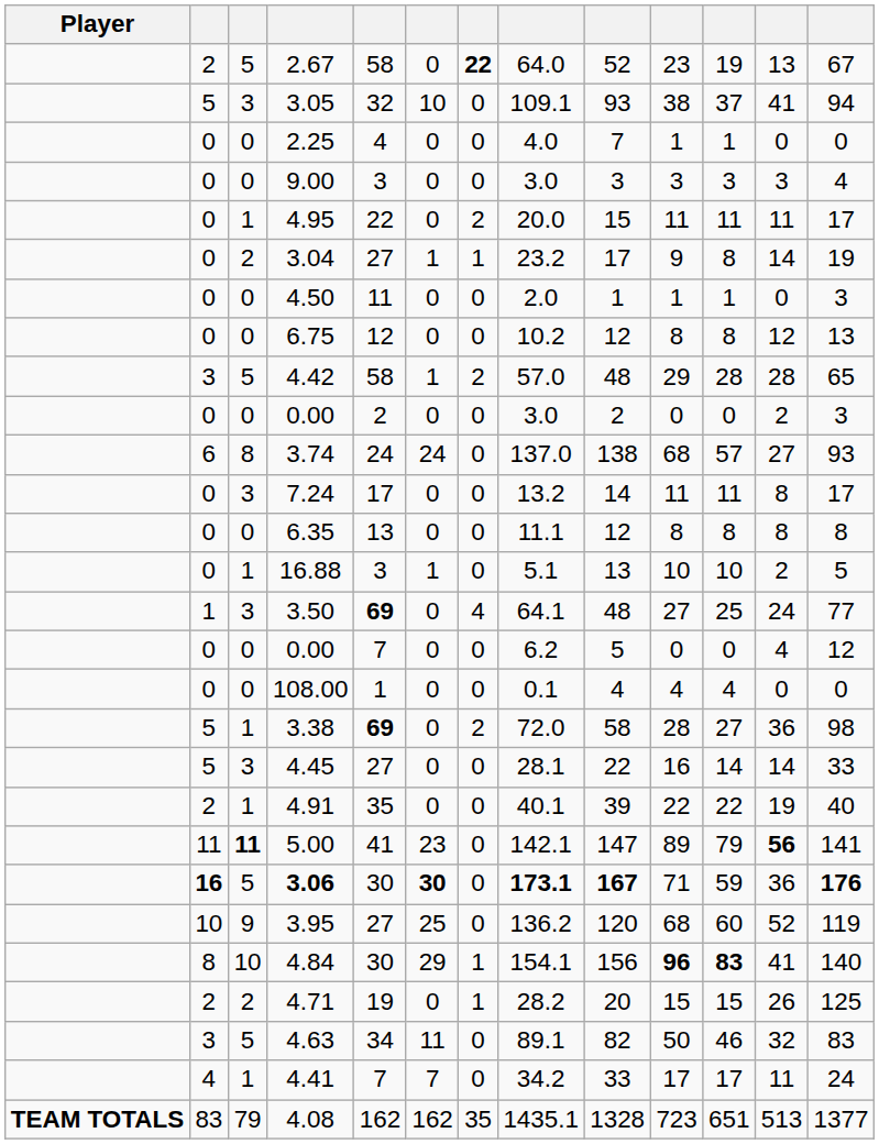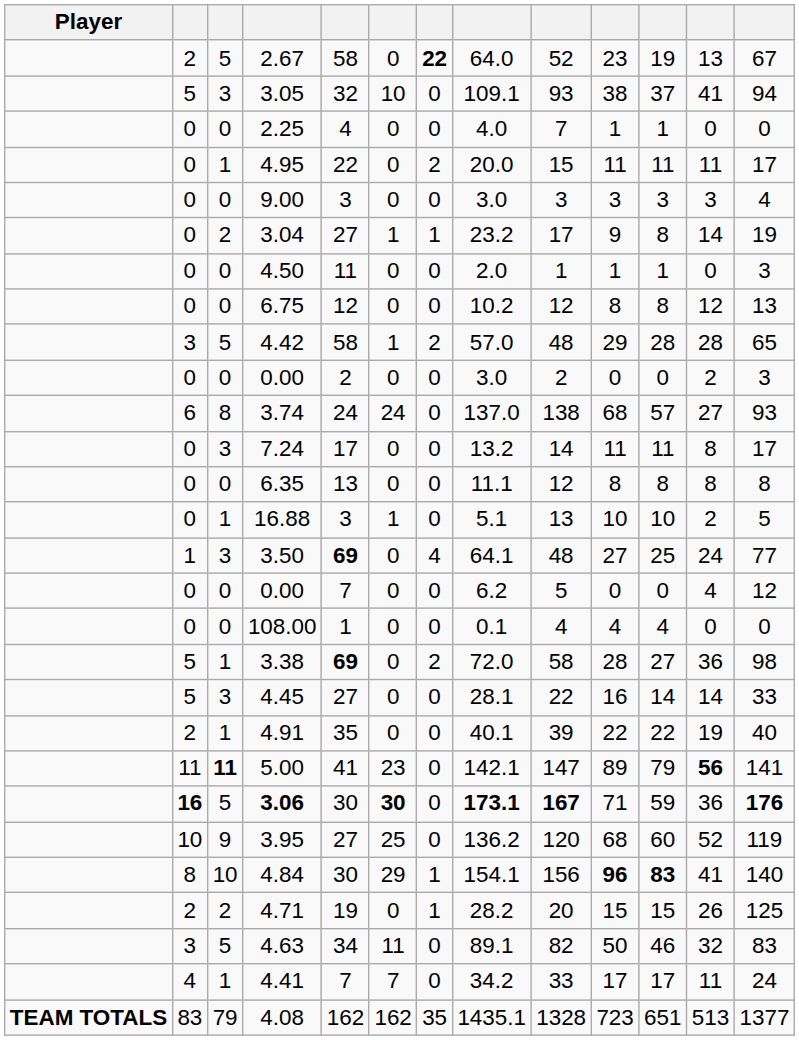 <table class="wikitable sortable" style="text-align:center;">
 <tr>
 <th>Player</th>
 <th></th>
 <th></th>
 <th></th>
 <th></th>
 <th></th>
 <th></th>
 <th></th>
 <th></th>
 <th></th>
 <th></th>
 <th></th>
 <th></th>
 </tr>
 <tr>
 <td align=left></td>
 <td>2</td>
 <td>5</td>
 <td>2.67</td>
 <td>58</td>
 <td>0</td>
 <td><strong>22</strong></td>
 <td>64.0</td>
 <td>52</td>
 <td>23</td>
 <td>19</td>
 <td>13</td>
 <td>67</td>
 </tr>
 <tr>
 <td align=left></td>
 <td>5</td>
 <td>3</td>
 <td>3.05</td>
 <td>32</td>
 <td>10</td>
 <td>0</td>
 <td>109.1</td>
 <td>93</td>
 <td>38</td>
 <td>37</td>
 <td>41</td>
 <td>94</td>
 </tr>
 <tr>
 <td align=left></td>
 <td>0</td>
 <td>0</td>
 <td>2.25</td>
 <td>4</td>
 <td>0</td>
 <td>0</td>
 <td>4.0</td>
 <td>7</td>
 <td>1</td>
 <td>1</td>
 <td>0</td>
 <td>0</td>
 </tr>
 <tr>
 <td align=left></td>
 <td>0</td>
+<td>1</td>
+<td>4.95</td>
+<td>22</td>
+<td>0</td>
+<td>2</td>
+<td>20.0</td>
+<td>15</td>
+<td>11</td>
+<td>11</td>
+<td>11</td>
+<td>17</td>
+</tr>
+<tr>
+<td align=left></td>
+<td>0</td>
 <td>0</td>
 <td>9.00</td>
 <td>3</td>
 <td>0</td>
 <td>0</td>
 <td>3.0</td>
 <td>3</td>
 <td>3</td>
 <td>3</td>
 <td>3</td>
 <td>4</td>
-</tr>
-<tr>
-<td align=left></td>
-<td>0</td>
-<td>1</td>
-<td>4.95</td>
-<td>22</td>
-<td>0</td>
-<td>2</td>
-<td>20.0</td>
-<td>15</td>
-<td>11</td>
-<td>11</td>
-<td>11</td>
-<td>17</td>
 </tr>
 <tr>
 <td align=left></td>
 <td>0</td>
 <td>2</td>
 <td>3.04</td>
 <td>27</td>
 <td>1</td>
 <td>1</td>
 <td>23.2</td>
 <td>17</td>
 <td>9</td>
 <td>8</td>
 <td>14</td>
 <td>19</td>
 </tr>
 <tr>
 <td align=left></td>
 <td>0</td>
 <td>0</td>
 <td>4.50</td>
 <td>11</td>
 <td>0</td>
 <td>0</td>
 <td>2.0</td>
 <td>1</td>
 <td>1</td>
 <td>1</td>
 <td>0</td>
 <td>3</td>
 </tr>
 <tr>
 <td align=left></td>
 <td>0</td>
 <td>0</td>
 <td>6.75</td>
 <td>12</td>
 <td>0</td>
 <td>0</td>
 <td>10.2</td>
 <td>12</td>
 <td>8</td>
 <td>8</td>
 <td>12</td>
 <td>13</td>
 </tr>
 <tr>
 <td align=left></td>
 <td>3</td>
 <td>5</td>
 <td>4.42</td>
 <td>58</td>
 <td>1</td>
 <td>2</td>
 <td>57.0</td>
 <td>48</td>
 <td>29</td>
 <td>28</td>
 <td>28</td>
 <td>65</td>
 </tr>
 <tr>
 <td align=left></td>
 <td>0</td>
 <td>0</td>
 <td>0.00</td>
 <td>2</td>
 <td>0</td>
 <td>0</td>
 <td>3.0</td>
 <td>2</td>
 <td>0</td>
 <td>0</td>
 <td>2</td>
 <td>3</td>
 </tr>
 <tr>
 <td align=left></td>
 <td>6</td>
 <td>8</td>
 <td>3.74</td>
 <td>24</td>
 <td>24</td>
 <td>0</td>
 <td>137.0</td>
 <td>138</td>
 <td>68</td>
 <td>57</td>
 <td>27</td>
 <td>93</td>
 </tr>
 <tr>
 <td align=left></td>
 <td>0</td>
 <td>3</td>
 <td>7.24</td>
 <td>17</td>
 <td>0</td>
 <td>0</td>
 <td>13.2</td>
 <td>14</td>
 <td>11</td>
 <td>11</td>
 <td>8</td>
 <td>17</td>
 </tr>
 <tr>
 <td align=left></td>
 <td>0</td>
 <td>0</td>
 <td>6.35</td>
 <td>13</td>
 <td>0</td>
 <td>0</td>
 <td>11.1</td>
 <td>12</td>
 <td>8</td>
 <td>8</td>
 <td>8</td>
 <td>8</td>
 </tr>
 <tr>
 <td align=left></td>
 <td>0</td>
 <td>1</td>
 <td>16.88</td>
 <td>3</td>
 <td>1</td>
 <td>0</td>
 <td>5.1</td>
 <td>13</td>
 <td>10</td>
 <td>10</td>
 <td>2</td>
 <td>5</td>
 </tr>
 <tr>
 <td align=left></td>
 <td>1</td>
 <td>3</td>
 <td>3.50</td>
 <td><strong>69</strong></td>
 <td>0</td>
 <td>4</td>
 <td>64.1</td>
 <td>48</td>
 <td>27</td>
 <td>25</td>
 <td>24</td>
 <td>77</td>
 </tr>
 <tr>
 <td align=left></td>
 <td>0</td>
 <td>0</td>
 <td>0.00</td>
 <td>7</td>
 <td>0</td>
 <td>0</td>
 <td>6.2</td>
 <td>5</td>
 <td>0</td>
 <td>0</td>
 <td>4</td>
 <td>12</td>
 </tr>
 <tr>
 <td align=left></td>
 <td>0</td>
 <td>0</td>
 <td>108.00</td>
 <td>1</td>
 <td>0</td>
 <td>0</td>
 <td>0.1</td>
 <td>4</td>
 <td>4</td>
 <td>4</td>
 <td>0</td>
 <td>0</td>
 </tr>
 <tr>
 <td align=left></td>
 <td>5</td>
 <td>1</td>
 <td>3.38</td>
 <td><strong>69</strong></td>
 <td>0</td>
 <td>2</td>
 <td>72.0</td>
 <td>58</td>
 <td>28</td>
 <td>27</td>
 <td>36</td>
 <td>98</td>
 </tr>
 <tr>
 <td align=left></td>
 <td>5</td>
 <td>3</td>
 <td>4.45</td>
 <td>27</td>
 <td>0</td>
 <td>0</td>
 <td>28.1</td>
 <td>22</td>
 <td>16</td>
 <td>14</td>
 <td>14</td>
 <td>33</td>
 </tr>
 <tr>
 <td align=left></td>
 <td>2</td>
 <td>1</td>
 <td>4.91</td>
 <td>35</td>
 <td>0</td>
 <td>0</td>
 <td>40.1</td>
 <td>39</td>
 <td>22</td>
 <td>22</td>
 <td>19</td>
 <td>40</td>
 </tr>
 <tr>
 <td align=left></td>
 <td>11</td>
 <td><strong>11</strong></td>
 <td>5.00</td>
 <td>41</td>
 <td>23</td>
 <td>0</td>
 <td>142.1</td>
 <td>147</td>
 <td>89</td>
 <td>79</td>
 <td><strong>56</strong></td>
 <td>141</td>
 </tr>
 <tr>
 <td align=left></td>
 <td><strong>16</strong></td>
 <td>5</td>
 <td><strong>3.06</strong></td>
 <td>30</td>
 <td><strong>30</strong></td>
 <td>0</td>
 <td><strong>173.1</strong></td>
 <td><strong>167</strong></td>
 <td>71</td>
 <td>59</td>
 <td>36</td>
 <td><strong>176</strong></td>
 </tr>
 <tr>
 <td align=left></td>
 <td>10</td>
 <td>9</td>
 <td>3.95</td>
 <td>27</td>
 <td>25</td>
 <td>0</td>
 <td>136.2</td>
 <td>120</td>
 <td>68</td>
 <td>60</td>
 <td>52</td>
 <td>119</td>
 </tr>
 <tr>
 <td align=left></td>
 <td>8</td>
 <td>10</td>
 <td>4.84</td>
 <td>30</td>
 <td>29</td>
 <td>1</td>
 <td>154.1</td>
 <td>156</td>
 <td><strong>96</strong></td>
 <td><strong>83</strong></td>
 <td>41</td>
 <td>140</td>
 </tr>
 <tr>
 <td align=left></td>
 <td>2</td>
 <td>2</td>
 <td>4.71</td>
 <td>19</td>
 <td>0</td>
 <td>1</td>
 <td>28.2</td>
 <td>20</td>
 <td>15</td>
 <td>15</td>
 <td>26</td>
 <td>125</td>
 </tr>
 <tr>
 <td align=left></td>
 <td>3</td>
 <td>5</td>
 <td>4.63</td>
 <td>34</td>
 <td>11</td>
 <td>0</td>
 <td>89.1</td>
 <td>82</td>
 <td>50</td>
 <td>46</td>
 <td>32</td>
 <td>83</td>
 </tr>
 <tr>
 <td align=left></td>
 <td>4</td>
 <td>1</td>
 <td>4.41</td>
 <td>7</td>
 <td>7</td>
 <td>0</td>
 <td>34.2</td>
 <td>33</td>
 <td>17</td>
 <td>17</td>
 <td>11</td>
 <td>24</td>
 </tr>
 <tr class="sortbottom">
 <td align="left"><strong>TEAM TOTALS</strong></td>
 <td>83</td>
 <td>79</td>
 <td>4.08</td>
 <td>162</td>
 <td>162</td>
 <td>35</td>
 <td>1435.1</td>
 <td>1328</td>
 <td>723</td>
 <td>651</td>
 <td>513</td>
 <td>1377</td>
 </tr>
 </table>
